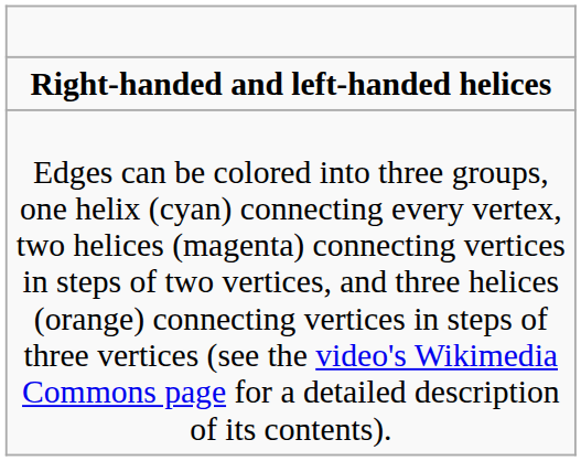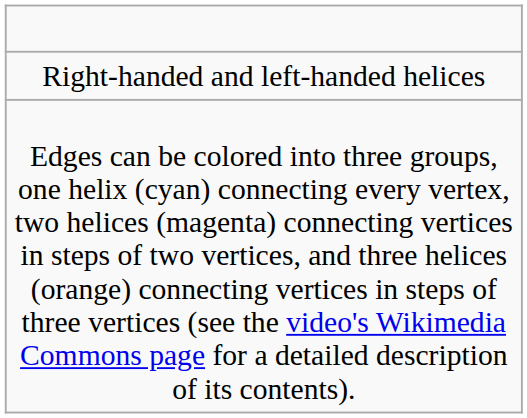 <table class=wikitable align=right width=280>
 <tr align=center>
 <td><br></td>
 </tr>
 <tr align=center>
-<td><strong>Right-handed and left-handed helices</strong></td>
+<td>Right-handed and left-handed helices</td>
 </tr>
 <tr align=center>
 <td><br>Edges can be colored into three groups, one helix (cyan) connecting every vertex, two helices (magenta) connecting vertices in steps of two vertices, and three helices (orange) connecting vertices in steps of three vertices (see the <a href='#'>video's Wikimedia Commons page</a> for a detailed description of its contents).</td>
 </tr>
 </table>
